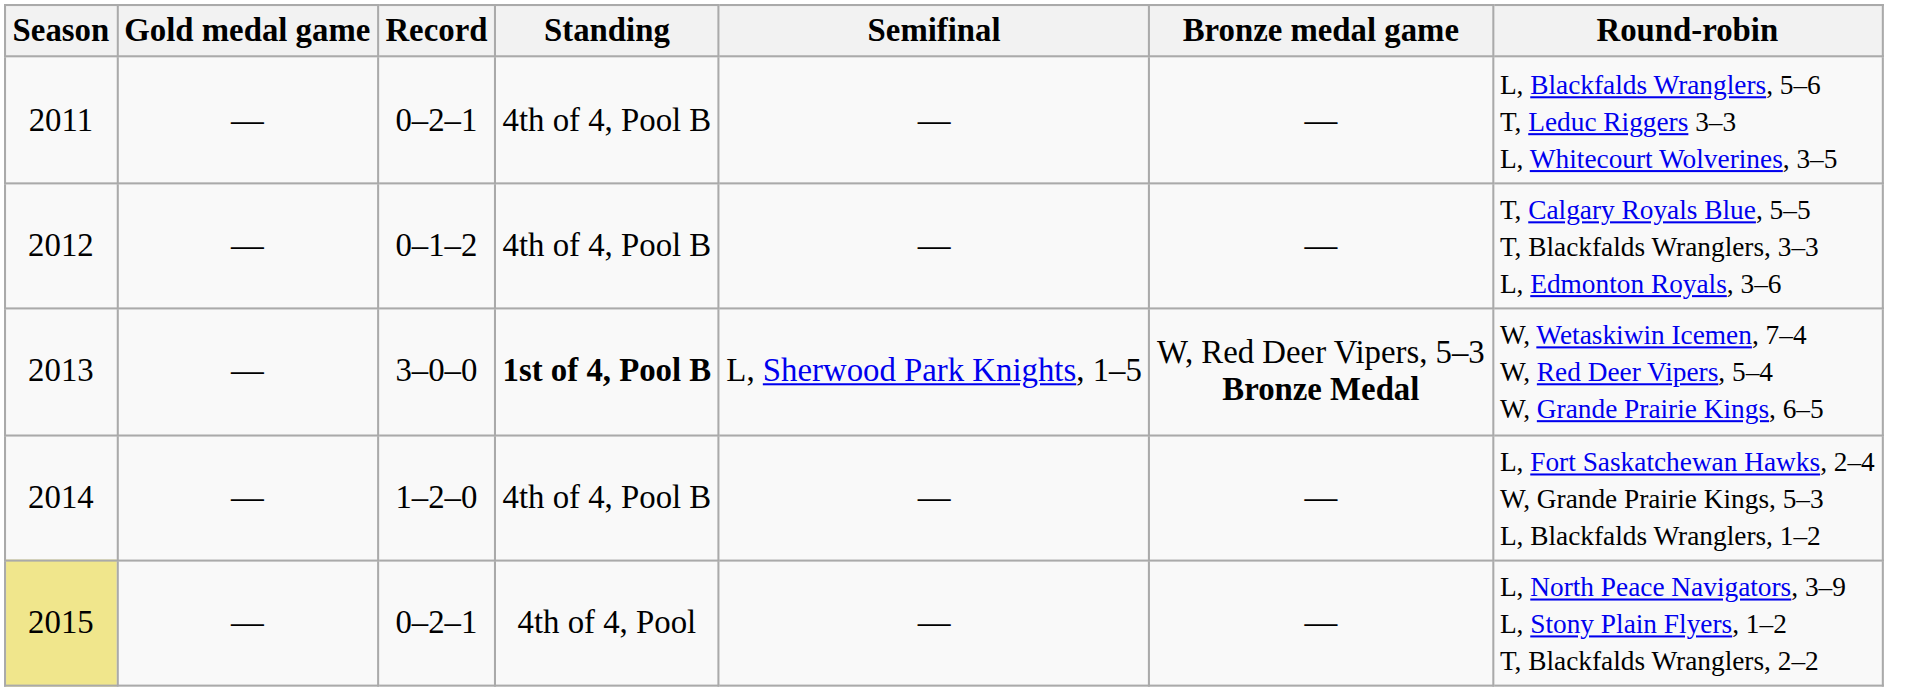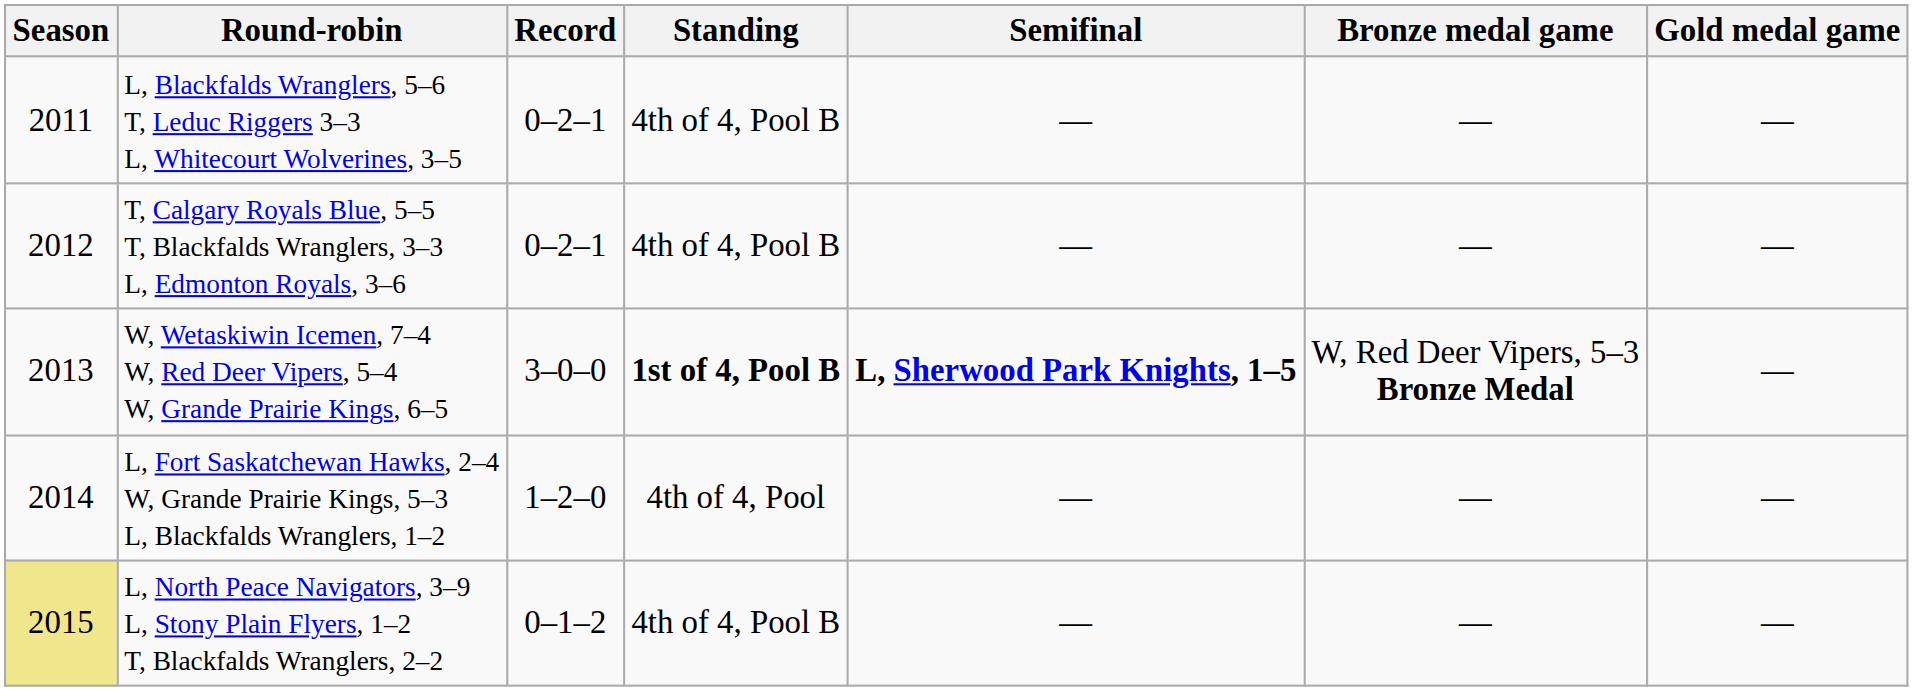 <table class="wikitable" style="text-align:center">
 <tr>
 <th>Season</th>
-<th>Gold medal game</th>
+<th>Round-robin</th>
 <th>Record</th>
 <th>Standing</th>
 <th>Semifinal</th>
 <th>Bronze medal game</th>
-<th>Round-robin</th>
+<th>Gold medal game</th>
 </tr>
 <tr>
 <td>2011</td>
-<td>—</td>
+<td align=left><small> L, <a href='#'>Blackfalds Wranglers</a>, 5–6<br>T, <a href='#'>Leduc Riggers</a> 3–3<br>L, <a href='#'>Whitecourt Wolverines</a>, 3–5</small></td>
 <td>0–2–1</td>
 <td>4th of 4, Pool B</td>
 <td>—</td>
 <td>—</td>
-<td align=left><small> L, <a href='#'>Blackfalds Wranglers</a>, 5–6<br>T, <a href='#'>Leduc Riggers</a> 3–3<br>L, <a href='#'>Whitecourt Wolverines</a>, 3–5</small></td>
+<td>—</td>
 </tr>
 <tr>
 <td>2012</td>
+<td align=left><small> T, <a href='#'>Calgary Royals Blue</a>, 5–5<br>T, Blackfalds Wranglers, 3–3<br>L, <a href='#'>Edmonton Royals</a>, 3–6</small></td>
+<td>0–2–1</td>
+<td>4th of 4, Pool B</td>
 <td>—</td>
+<td>—</td>
+<td>—</td>
+</tr>
+<tr>
+<td>2013</td>
+<td align=left><small> W, <a href='#'>Wetaskiwin Icemen</a>, 7–4<br>W, <a href='#'>Red Deer Vipers</a>, 5–4<br>W, <a href='#'>Grande Prairie Kings</a>, 6–5</small></td>
+<td>3–0–0</td>
+<td><strong>1st of 4, Pool B</strong></td>
+<td><strong>L, <a href='#'>Sherwood Park Knights</a>, 1–5</strong></td>
+<td>W, Red Deer Vipers, 5–3<br><strong>Bronze Medal</strong></td>
+<td>—</td>
+</tr>
+<tr>
+<td>2014</td>
+<td align=left><small> L, <a href='#'>Fort Saskatchewan Hawks</a>, 2–4<br>W, Grande Prairie Kings, 5–3<br>L, Blackfalds Wranglers, 1–2</small></td>
+<td>1–2–0</td>
+<td>4th of 4, Pool</td>
+<td>—</td>
+<td>—</td>
+<td>—</td>
+</tr>
+<tr>
+<td style="background: khaki;">2015</td>
+<td align=left><small>L, <a href='#'>North Peace Navigators</a>, 3–9<br>L, <a href='#'>Stony Plain Flyers</a>, 1–2<br>T, Blackfalds Wranglers, 2–2</small></td>
 <td>0–1–2</td>
 <td>4th of 4, Pool B</td>
 <td>—</td>
 <td>—</td>
-<td align=left><small> T, <a href='#'>Calgary Royals Blue</a>, 5–5<br>T, Blackfalds Wranglers, 3–3<br>L, <a href='#'>Edmonton Royals</a>, 3–6</small></td>
-</tr>
-<tr>
-<td>2013</td>
 <td>—</td>
-<td>3–0–0</td>
-<td><strong>1st of 4, Pool B</strong></td>
-<td>L, <a href='#'>Sherwood Park Knights</a>, 1–5</td>
-<td>W, Red Deer Vipers, 5–3<br><strong>Bronze Medal</strong></td>
-<td align=left><small> W, <a href='#'>Wetaskiwin Icemen</a>, 7–4<br>W, <a href='#'>Red Deer Vipers</a>, 5–4<br>W, <a href='#'>Grande Prairie Kings</a>, 6–5</small></td>
-</tr>
-<tr>
-<td>2014</td>
-<td>—</td>
-<td>1–2–0</td>
-<td>4th of 4, Pool B</td>
-<td>—</td>
-<td>—</td>
-<td align=left><small> L, <a href='#'>Fort Saskatchewan Hawks</a>, 2–4<br>W, Grande Prairie Kings, 5–3<br>L, Blackfalds Wranglers, 1–2</small></td>
-</tr>
-<tr>
-<td style="background: khaki;">2015</td>
-<td>—</td>
-<td>0–2–1</td>
-<td>4th of 4, Pool</td>
-<td>—</td>
-<td>—</td>
-<td align=left><small>L, <a href='#'>North Peace Navigators</a>, 3–9<br>L, <a href='#'>Stony Plain Flyers</a>, 1–2<br>T, Blackfalds Wranglers, 2–2</small></td>
 </tr>
 </table>
